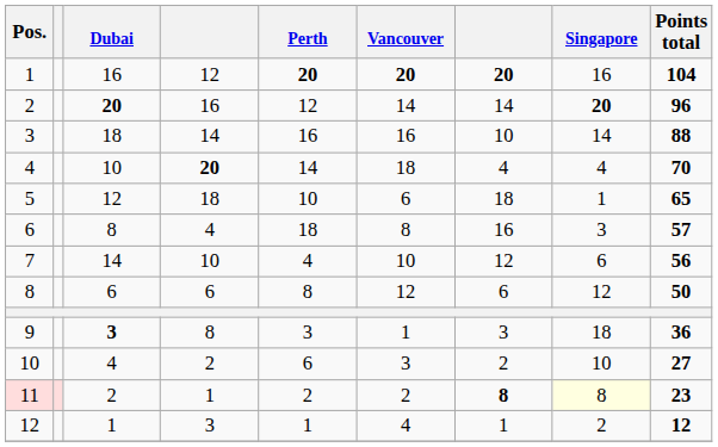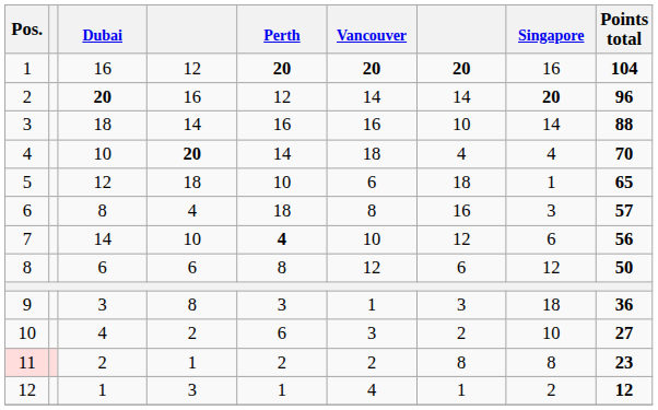 <table class="wikitable sortable" style="text-align:center;">
 <tr bgcolor="#efefef">
 <th style="width:2em;">Pos.</th>
 <th></th>
 <th style="width:5.2em;;font-size:85%;vertical-align:top;padding-left:4px;;padding-right:4px;;"><br><a href='#'>Dubai</a></th>
 <th style="width:5.2em;;font-size:85%;vertical-align:top;padding-left:4px;;padding-right:4px;;"><br></th>
 <th style="width:5.2em;;font-size:85%;vertical-align:top;padding-left:4px;;padding-right:4px;;"><br><a href='#'>Perth</a></th>
 <th style="width:5.2em;;font-size:85%;vertical-align:top;padding-left:4px;;padding-right:4px;;"><br><a href='#'>Vancouver</a></th>
 <th style="width:5.2em;;font-size:85%;vertical-align:top;padding-left:4px;;padding-right:4px;;"><br></th>
 <th style="width:5.2em;;font-size:85%;vertical-align:top;padding-left:4px;;padding-right:4px;;"><br><a href='#'>Singapore</a></th>
 <th>Points<br>total</th>
 </tr>
 <tr>
 <td>1</td>
 <td align="left"></td>
 <td>16</td>
 <td>12</td>
 <td><strong>20</strong></td>
 <td><strong>20</strong></td>
 <td><strong>20</strong></td>
 <td>16</td>
 <td><strong>104</strong></td>
 </tr>
 <tr>
 <td>2</td>
 <td align="left"></td>
 <td><strong>20</strong></td>
 <td>16</td>
 <td>12</td>
 <td>14</td>
 <td>14</td>
 <td><strong>20</strong></td>
 <td><strong>96</strong></td>
 </tr>
 <tr>
 <td>3</td>
 <td align="left"></td>
 <td>18</td>
 <td>14</td>
 <td>16</td>
 <td>16</td>
 <td>10</td>
 <td>14</td>
 <td><strong>88</strong></td>
 </tr>
 <tr>
 <td>4</td>
 <td align="left"></td>
 <td>10</td>
 <td><strong>20</strong></td>
 <td>14</td>
 <td>18</td>
 <td>4</td>
 <td>4</td>
 <td><strong>70</strong></td>
 </tr>
 <tr>
 <td>5</td>
 <td align="left"></td>
 <td>12</td>
 <td>18</td>
 <td>10</td>
 <td>6</td>
 <td>18</td>
 <td>1</td>
 <td><strong>65</strong></td>
 </tr>
 <tr>
 <td>6</td>
 <td align="left"></td>
 <td>8</td>
 <td>4</td>
 <td>18</td>
 <td>8</td>
 <td>16</td>
 <td>3</td>
 <td><strong>57</strong></td>
 </tr>
 <tr>
 <td>7</td>
 <td align="left"></td>
 <td>14</td>
 <td>10</td>
-<td>4</td>
+<td><strong>4</strong></td>
 <td>10</td>
 <td>12</td>
 <td>6</td>
 <td><strong>56</strong></td>
 </tr>
 <tr>
 <td>8</td>
 <td align="left"></td>
 <td>6</td>
 <td>6</td>
 <td>8</td>
 <td>12</td>
 <td>6</td>
 <td>12</td>
 <td><strong>50</strong></td>
 </tr>
 <tr>
 <th colspan="9"></th>
 </tr>
 <tr>
 <td>9</td>
 <td align="left"></td>
-<td><strong>3</strong></td>
+<td>3</td>
 <td>8</td>
 <td>3</td>
 <td>1</td>
 <td>3</td>
 <td>18</td>
 <td><strong>36</strong></td>
 </tr>
 <tr>
 <td>10</td>
 <td align="left"></td>
 <td>4</td>
 <td>2</td>
 <td>6</td>
 <td>3</td>
 <td>2</td>
 <td>10</td>
 <td><strong>27</strong></td>
 </tr>
 <tr>
 <td style="background:#fdd;">11</td>
 <td style="background:#fdd;" align=left></td>
 <td>2</td>
 <td>1</td>
 <td>2</td>
 <td>2</td>
-<td><strong>8</strong></td>
-<td style="background: lightyellow;">8</td>
+<td>8</td>
+<td>8</td>
 <td><strong>23</strong></td>
 </tr>
 <tr>
 <td>12</td>
 <td align=left></td>
 <td>1</td>
 <td>3</td>
 <td>1</td>
 <td>4</td>
 <td>1</td>
 <td>2</td>
 <td><strong>12</strong></td>
 </tr>
 <tr>
 </tr>
 </table>
